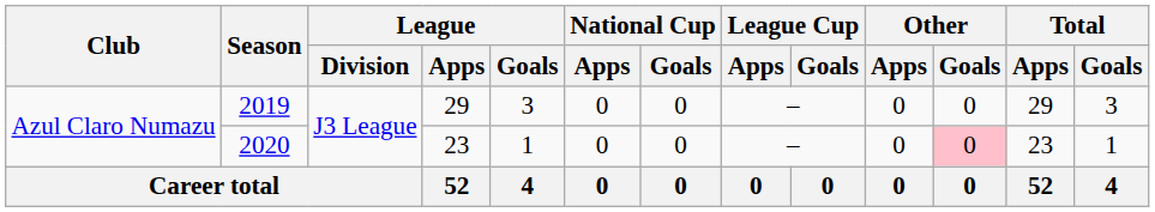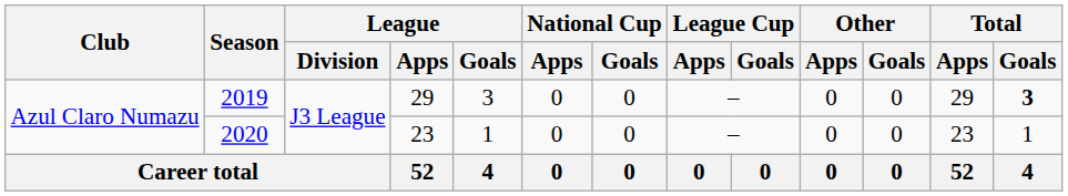 <table class="wikitable" style="text-align: center">
 <tr>
 <th rowspan="2">Club</th>
 <th rowspan="2">Season</th>
 <th colspan="3">League</th>
 <th colspan="2">National Cup</th>
 <th colspan="2">League Cup</th>
 <th colspan="2">Other</th>
 <th colspan="2">Total</th>
 </tr>
 <tr>
 <th>Division</th>
 <th>Apps</th>
 <th>Goals</th>
 <th>Apps</th>
 <th>Goals</th>
 <th>Apps</th>
 <th>Goals</th>
 <th>Apps</th>
 <th>Goals</th>
 <th>Apps</th>
 <th>Goals</th>
 </tr>
 <tr>
 <td rowspan="2"><a href='#'>Azul Claro Numazu</a></td>
 <td><a href='#'>2019</a></td>
 <td rowspan="2"><a href='#'>J3 League</a></td>
 <td>29</td>
 <td>3</td>
 <td>0</td>
 <td>0</td>
 <td colspan="2">–</td>
 <td>0</td>
 <td>0</td>
 <td>29</td>
-<td>3</td>
+<td><strong>3</strong></td>
 </tr>
 <tr>
 <td><a href='#'>2020</a></td>
 <td>23</td>
 <td>1</td>
 <td>0</td>
 <td>0</td>
 <td colspan="2">–</td>
 <td>0</td>
-<td style="background: pink;">0</td>
+<td>0</td>
 <td>23</td>
 <td>1</td>
 </tr>
 <tr>
 <th colspan=3>Career total</th>
 <th>52</th>
 <th>4</th>
 <th>0</th>
 <th>0</th>
 <th>0</th>
 <th>0</th>
 <th>0</th>
 <th>0</th>
 <th>52</th>
 <th>4</th>
 </tr>
 </table>
